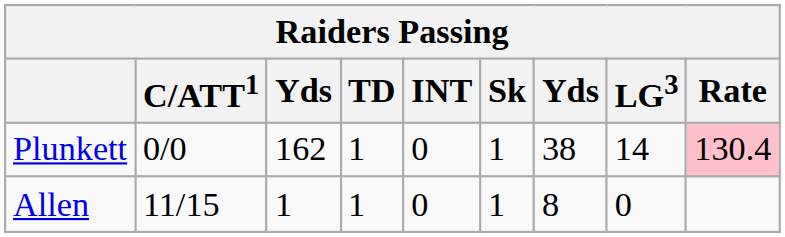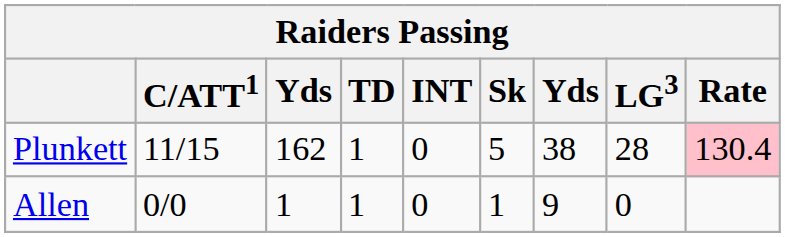 <table class="wikitable">
 <tr>
 <th colspan="9">Raiders Passing</th>
 </tr>
 <tr>
 <th></th>
 <th>C/ATT<sup>1</sup></th>
 <th>Yds</th>
 <th>TD</th>
 <th>INT</th>
 <th>Sk</th>
 <th>Yds</th>
 <th>LG<sup>3</sup></th>
 <th>Rate</th>
 </tr>
 <tr>
 <td><a href='#'>Plunkett</a></td>
-<td>0/0</td>
+<td>11/15</td>
 <td>162</td>
 <td>1</td>
 <td>0</td>
-<td>1</td>
+<td>5</td>
 <td>38</td>
-<td>14</td>
+<td>28</td>
 <td style="background: pink;">130.4</td>
 </tr>
 <tr>
 <td><a href='#'>Allen</a></td>
-<td>11/15</td>
+<td>0/0</td>
 <td>1</td>
 <td>1</td>
 <td>0</td>
 <td>1</td>
-<td>8</td>
+<td>9</td>
 <td>0</td>
 <td></td>
 </tr>
 </table>
